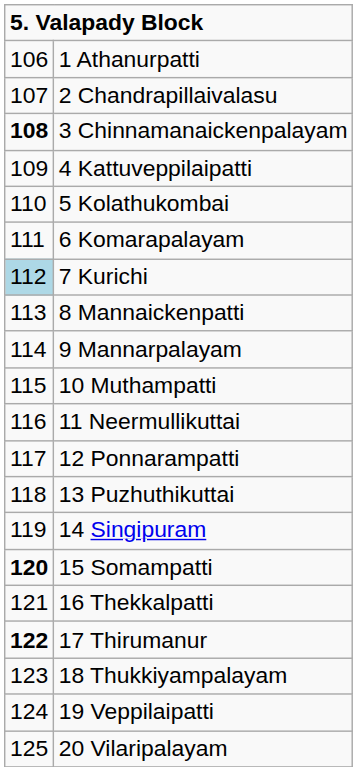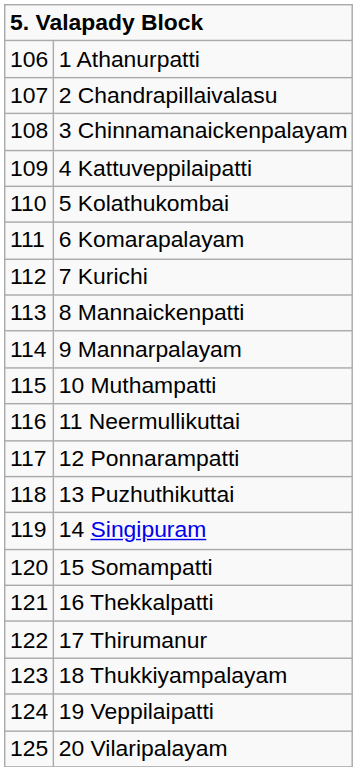 <table class="wikitable">
 <tr>
 <td colspan="2"><strong>5. Valapady Block</strong></td>
 </tr>
 <tr>
 <td>106</td>
 <td>1 Athanurpatti</td>
 </tr>
 <tr>
 <td>107</td>
 <td>2 Chandrapillaivalasu</td>
 </tr>
 <tr>
-<td><strong>108</strong></td>
+<td>108</td>
 <td>3 Chinnamanaickenpalayam</td>
 </tr>
 <tr>
 <td>109</td>
 <td>4 Kattuveppilaipatti</td>
 </tr>
 <tr>
 <td>110</td>
 <td>5 Kolathukombai</td>
 </tr>
 <tr>
 <td>111</td>
 <td>6 Komarapalayam</td>
 </tr>
 <tr>
-<td style="background: lightblue;">112</td>
+<td>112</td>
 <td>7 Kurichi</td>
 </tr>
 <tr>
 <td>113</td>
 <td>8 Mannaickenpatti</td>
 </tr>
 <tr>
 <td>114</td>
 <td>9 Mannarpalayam</td>
 </tr>
 <tr>
 <td>115</td>
 <td>10 Muthampatti</td>
 </tr>
 <tr>
 <td>116</td>
 <td>11 Neermullikuttai</td>
 </tr>
 <tr>
 <td>117</td>
 <td>12 Ponnarampatti</td>
 </tr>
 <tr>
 <td>118</td>
 <td>13 Puzhuthikuttai</td>
 </tr>
 <tr>
 <td>119</td>
 <td>14 <a href='#'>Singipuram</a></td>
 </tr>
 <tr>
-<td><strong>120</strong></td>
+<td>120</td>
 <td>15 Somampatti</td>
 </tr>
 <tr>
 <td>121</td>
 <td>16 Thekkalpatti</td>
 </tr>
 <tr>
-<td><strong>122</strong></td>
+<td>122</td>
 <td>17 Thirumanur</td>
 </tr>
 <tr>
 <td>123</td>
 <td>18 Thukkiyampalayam</td>
 </tr>
 <tr>
 <td>124</td>
 <td>19 Veppilaipatti</td>
 </tr>
 <tr>
 <td>125</td>
 <td>20 Vilaripalayam</td>
 </tr>
 </table>
